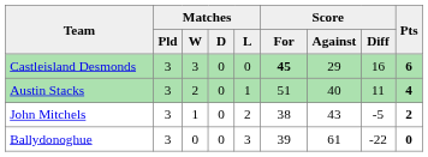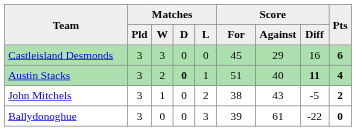 <table style=border-collapse:collapse border=1 cellspacing=0 cellpadding=5>
 <tr align=center bgcolor=#efefef>
 <th rowspan=2 width=165>Team</th>
 <th colspan=4>Matches</th>
 <th colspan=3>Score</th>
 <th rowspan=2width=20>Pts</th>
 </tr>
 <tr align=center bgcolor=#efefef>
 <th width=20>Pld</th>
 <th width=20>W</th>
 <th width=20>D</th>
 <th width=20>L</th>
 <th width=45>For</th>
 <th width=45>Against</th>
 <th width=30>Diff</th>
 </tr>
 <tr align=center style="background:#ACE1AF;">
 <td style="text-align:left;"><a href='#'>Castleisland Desmonds</a></td>
 <td>3</td>
 <td>3</td>
 <td>0</td>
 <td>0</td>
-<td><strong>45</strong></td>
+<td>45</td>
 <td>29</td>
 <td>16</td>
 <td><strong>6</strong></td>
 </tr>
 <tr align=center style="background:#ACE1AF;">
 <td style="text-align:left;"><a href='#'>Austin Stacks</a></td>
 <td>3</td>
 <td>2</td>
-<td>0</td>
+<td><strong>0</strong></td>
 <td>1</td>
 <td>51</td>
 <td>40</td>
-<td>11</td>
+<td><strong>11</strong></td>
 <td><strong>4</strong></td>
 </tr>
 <tr align=center>
 <td style="text-align:left;"><a href='#'>John Mitchels</a></td>
 <td>3</td>
 <td>1</td>
 <td>0</td>
 <td>2</td>
 <td>38</td>
 <td>43</td>
 <td>-5</td>
 <td><strong>2</strong></td>
 </tr>
 <tr align=center>
 <td style="text-align:left;"><a href='#'>Ballydonoghue</a></td>
 <td>3</td>
 <td>0</td>
 <td>0</td>
 <td>3</td>
 <td>39</td>
 <td>61</td>
 <td>-22</td>
 <td><strong>0</strong></td>
 </tr>
 </table>
